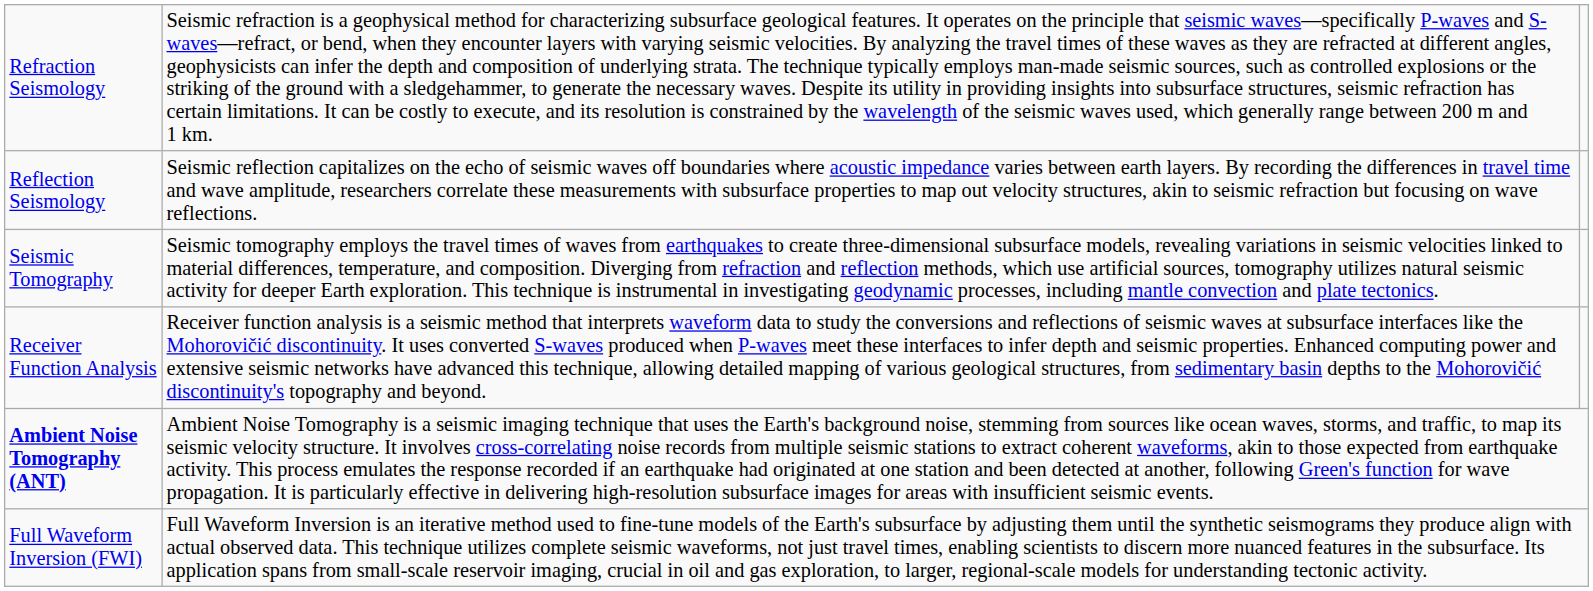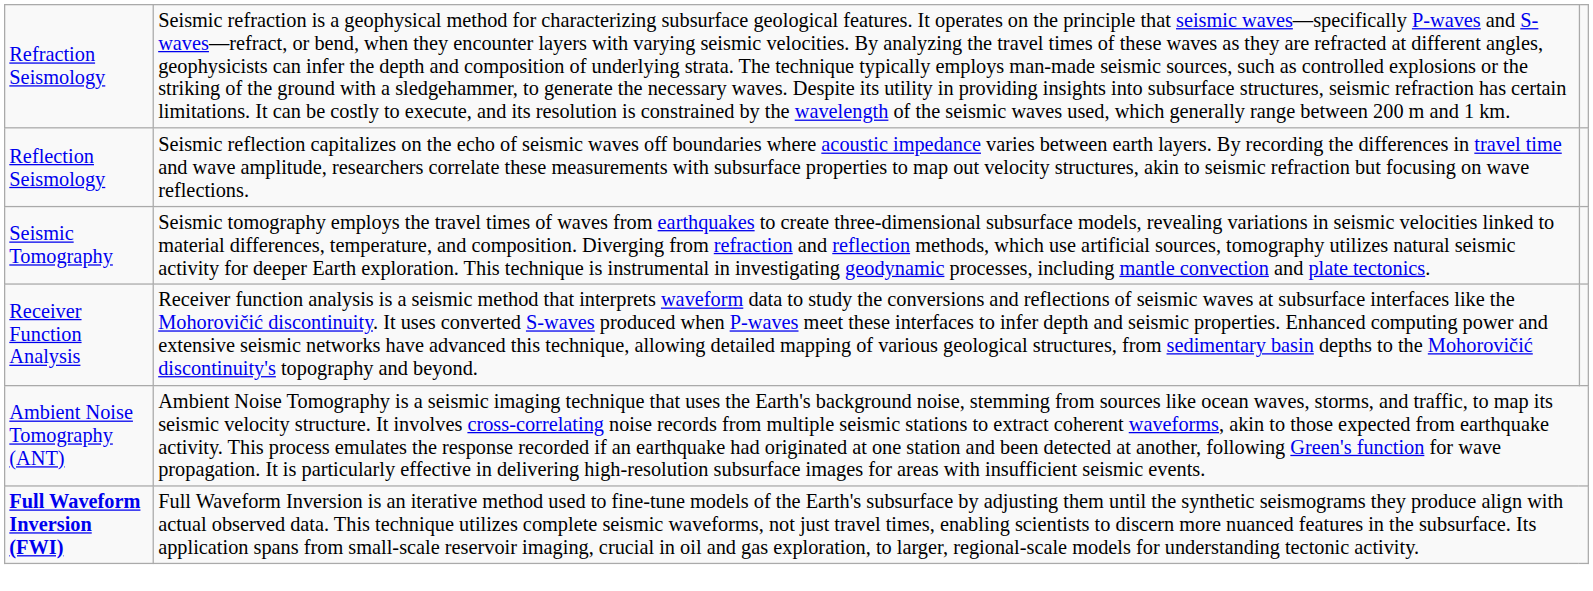 <table class="wikitable">
 <tr>
 <td><a href='#'>Refraction Seismology</a></td>
 <td>Seismic refraction is a geophysical method for characterizing subsurface geological features. It operates on the principle that <a href='#'>seismic waves</a>—specifically <a href='#'>P-waves</a> and <a href='#'>S-waves</a>—refract, or bend, when they encounter layers with varying seismic velocities. By analyzing the travel times of these waves as they are refracted at different angles, geophysicists can infer the depth and composition of underlying strata. The technique typically employs man-made seismic sources, such as controlled explosions or the striking of the ground with a sledgehammer, to generate the necessary waves. Despite its utility in providing insights into subsurface structures, seismic refraction has certain limitations. It can be costly to execute, and its resolution is constrained by the <a href='#'>wavelength</a> of the seismic waves used, which generally range between 200 m and 1 km.</td>
 <td></td>
 </tr>
 <tr>
 <td><a href='#'>Reflection Seismology</a></td>
 <td>Seismic reflection capitalizes on the echo of seismic waves off boundaries where <a href='#'>acoustic impedance</a> varies between earth layers. By recording the differences in <a href='#'>travel time</a> and wave amplitude, researchers correlate these measurements with subsurface properties to map out velocity structures, akin to seismic refraction but focusing on wave reflections.</td>
 <td></td>
 </tr>
 <tr>
 <td><a href='#'>Seismic Tomography</a></td>
 <td>Seismic tomography employs the travel times of waves from <a href='#'>earthquakes</a> to create three-dimensional subsurface models, revealing variations in seismic velocities linked to material differences, temperature, and composition. Diverging from <a href='#'>refraction</a> and <a href='#'>reflection</a> methods, which use artificial sources, tomography utilizes natural seismic activity for deeper Earth exploration. This technique is instrumental in investigating <a href='#'>geodynamic</a> processes, including <a href='#'>mantle convection</a> and <a href='#'>plate tectonics</a>.</td>
 <td></td>
 </tr>
 <tr>
 <td><a href='#'>Receiver Function Analysis</a></td>
 <td>Receiver function analysis is a seismic method that interprets <a href='#'>waveform</a> data to study the conversions and reflections of seismic waves at subsurface interfaces like the <a href='#'>Mohorovičić discontinuity</a>. It uses converted <a href='#'>S-waves</a> produced when <a href='#'>P-waves</a> meet these interfaces to infer depth and seismic properties. Enhanced computing power and extensive seismic networks have advanced this technique, allowing detailed mapping of various geological structures, from <a href='#'>sedimentary basin</a> depths to the <a href='#'>Mohorovičić discontinuity's</a> topography and beyond.</td>
 <td></td>
 </tr>
 <tr>
-<td><strong><a href='#'>Ambient Noise Tomography (ANT)</a></strong></td>
+<td><a href='#'>Ambient Noise Tomography (ANT)</a></td>
 <td colspan="2">Ambient Noise Tomography is a seismic imaging technique that uses the Earth's background noise, stemming from sources like ocean waves, storms, and traffic, to map its seismic velocity structure. It involves <a href='#'>cross-correlating</a> noise records from multiple seismic stations to extract coherent <a href='#'>waveforms</a>, akin to those expected from earthquake activity. This process emulates the response recorded if an earthquake had originated at one station and been detected at another, following <a href='#'>Green's function</a> for wave propagation. It is particularly effective in delivering high-resolution subsurface images for areas with insufficient seismic events.</td>
 </tr>
 <tr>
-<td><a href='#'>Full Waveform Inversion (FWI)</a></td>
+<td><strong><a href='#'>Full Waveform Inversion (FWI)</a></strong></td>
 <td colspan="2">Full Waveform Inversion is an iterative method used to fine-tune models of the Earth's subsurface by adjusting them until the synthetic seismograms they produce align with actual observed data. This technique utilizes complete seismic waveforms, not just travel times, enabling scientists to discern more nuanced features in the subsurface. Its application spans from small-scale reservoir imaging, crucial in oil and gas exploration, to larger, regional-scale models for understanding tectonic activity.</td>
 </tr>
 </table>
